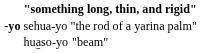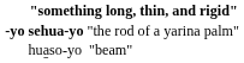 <table>
 <tr>
 <th rowspan="3">-yo</th>
 <th colspan="4">"something long, thin, and rigid"</th>
 </tr>
 <tr>
-<td>sehua-yo</td>
+<td><strong>sehua-yo</strong></td>
 <td colspan="3">"the rod of a yarina palm"</td>
 </tr>
 <tr>
 <td colspan="2">hua̱so-yo</td>
 <td colspan="2">"beam"</td>
 </tr>
 </table>
